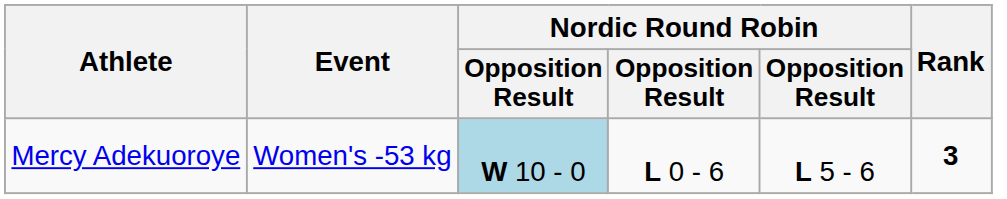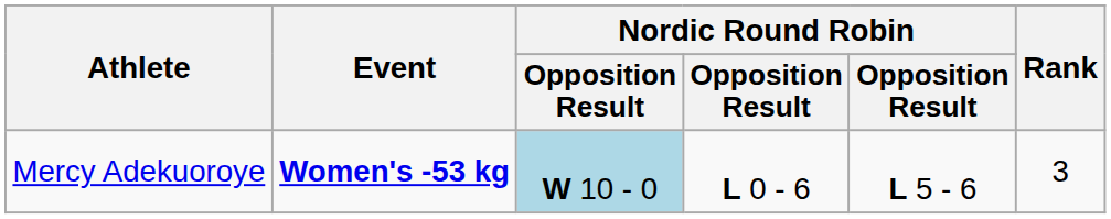 <table class="wikitable" style="font-size:90%;">
 <tr>
 <th rowspan=2>Athlete</th>
 <th rowspan=2>Event</th>
 <th colspan=3>Nordic Round Robin</th>
 <th rowspan=2>Rank</th>
 </tr>
 <tr style="font-size: 95%">
 <th>Opposition<br>Result</th>
 <th>Opposition<br>Result</th>
 <th>Opposition<br>Result</th>
 </tr>
 <tr align=center>
 <td align=left><a href='#'>Mercy Adekuoroye</a></td>
-<td align=left><a href='#'>Women's -53 kg</a></td>
+<td align=left><strong><a href='#'>Women's -53 kg</a></strong></td>
 <td style="background: lightblue;"><br><strong>W</strong> 10 - 0</td>
 <td><br><strong>L</strong> 0 - 6</td>
 <td><br><strong>L</strong> 5 - 6</td>
-<td><strong>3</strong></td>
+<td>3</td>
 </tr>
 </table>
